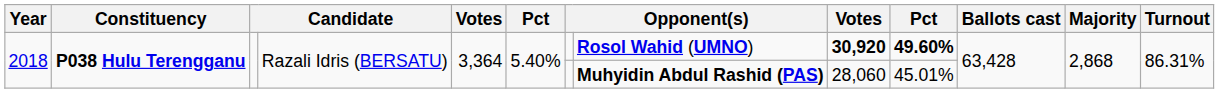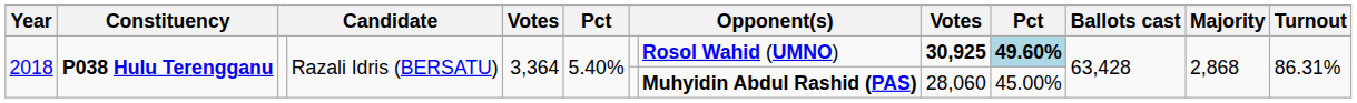 <table class="wikitable" style="margin:0.5em ; font-size:95%">
 <tr>
 <th>Year</th>
 <th>Constituency</th>
 <th colspan=2>Candidate</th>
 <th>Votes</th>
 <th>Pct</th>
 <th colspan=2>Opponent(s)</th>
 <th>Votes</th>
 <th>Pct</th>
 <th>Ballots cast</th>
 <th>Majority</th>
 <th>Turnout</th>
 </tr>
 <tr>
 <td rowspan=2><a href='#'>2018</a></td>
 <td rowspan=5><strong>P038 <a href='#'>Hulu Terengganu</a></strong></td>
 <td rowspan=2 ></td>
 <td rowspan=2>Razali Idris (<a href='#'>BERSATU</a>)</td>
 <td rowspan=2 align="right">3,364</td>
 <td rowspan=2 align="right">5.40%</td>
 <td></td>
 <td><strong><a href='#'>Rosol Wahid</a></strong> (<a href='#'><strong>UMNO</strong></a>)</td>
-<td align="right"><strong>30,920</strong></td>
-<td><strong>49.60%</strong></td>
+<td align="right"><strong>30,925</strong></td>
+<td style="background: lightblue;"><strong>49.60%</strong></td>
 <td rowspan=2>63,428</td>
 <td rowspan=2>2,868</td>
 <td rowspan=2>86.31%</td>
 </tr>
 <tr>
 <td></td>
 <td><strong>Muhyidin Abdul Rashid (<a href='#'>PAS</a>)</strong></td>
 <td align="right">28,060</td>
-<td>45.01%</td>
+<td>45.00%</td>
 </tr>
 </table>
